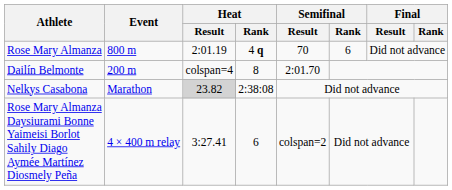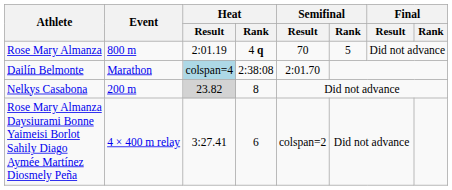 <table class="wikitable" style="font-size:90%">
 <tr>
 <th rowspan="2">Athlete</th>
 <th rowspan="2">Event</th>
 <th colspan="2">Heat</th>
 <th colspan="2">Semifinal</th>
 <th colspan="2">Final</th>
 </tr>
 <tr style="font-size:95%">
 <th>Result</th>
 <th>Rank</th>
 <th>Result</th>
 <th>Rank</th>
 <th>Result</th>
 <th>Rank</th>
 </tr>
 <tr align=center>
 <td align=left><a href='#'>Rose Mary Almanza</a></td>
 <td align=left><a href='#'>800 m</a></td>
 <td>2:01.19</td>
 <td>4 <strong>q</strong></td>
 <td>70</td>
-<td>6</td>
+<td>5</td>
 <td colspan=2>Did not advance</td>
 </tr>
 <tr align=center>
 <td align=left><a href='#'>Dailín Belmonte</a></td>
-<td align=left><a href='#'>200 m</a></td>
-<td>colspan=4 </td>
-<td>8</td>
+<td align=left><a href='#'>Marathon</a></td>
+<td style="background: lightblue;">colspan=4 </td>
+<td>2:38:08</td>
 <td>2:01.70</td>
 </tr>
 <tr align=center>
 <td align=left><a href='#'>Nelkys Casabona</a></td>
-<td align=left><a href='#'>Marathon</a></td>
+<td align=left><a href='#'>200 m</a></td>
 <td style="background: lightgrey;">23.82</td>
-<td>2:38:08</td>
+<td>8</td>
 <td colspan=4>Did not advance</td>
 </tr>
 <tr align=center>
 <td align=left><a href='#'>Rose Mary Almanza</a><br><a href='#'>Daysiurami Bonne</a><br><a href='#'>Yaimeisi Borlot</a><br><a href='#'>Sahily Diago</a><br><a href='#'>Aymée Martínez</a><br><a href='#'>Diosmely Peña</a></td>
 <td align=left><a href='#'>4 × 400 m relay</a></td>
 <td>3:27.41</td>
 <td>6</td>
 <td>colspan=2 </td>
 <td colspan=2>Did not advance</td>
 </tr>
 </table>
